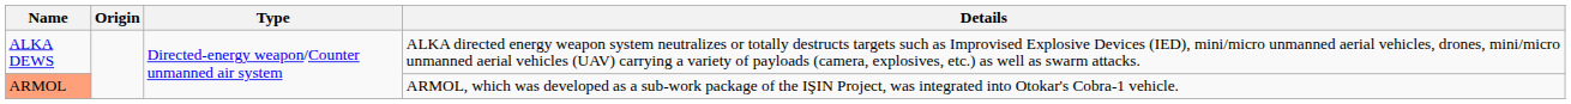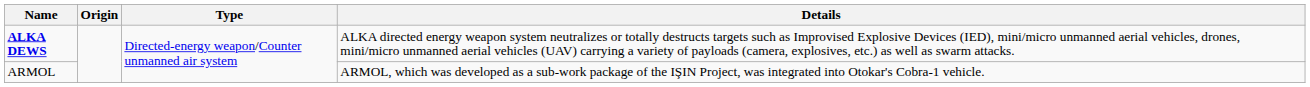 <table class="wikitable">
 <tr>
 <th>Name</th>
 <th>Origin</th>
 <th>Type</th>
 <th>Details</th>
 </tr>
 <tr>
-<td><a href='#'>ALKA DEWS</a></td>
+<td><strong><a href='#'>ALKA DEWS</a></strong></td>
 <td rowspan="2"></td>
 <td rowspan="2"><a href='#'>Directed-energy weapon</a>/<a href='#'>Counter unmanned air system</a></td>
 <td>ALKA directed energy weapon system neutralizes or totally destructs targets such as Improvised Explosive Devices (IED), mini/micro unmanned aerial vehicles, drones, mini/micro unmanned aerial vehicles (UAV) carrying a variety of payloads (camera, explosives, etc.) as well as swarm attacks.</td>
 </tr>
 <tr>
-<td style="background: lightsalmon;">ARMOL</td>
+<td>ARMOL</td>
 <td>ARMOL, which was developed as a sub-work package of the IŞIN Project, was integrated into Otokar's Cobra-1 vehicle.</td>
 </tr>
 </table>
